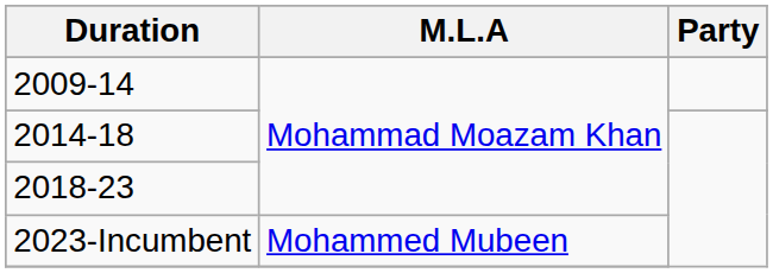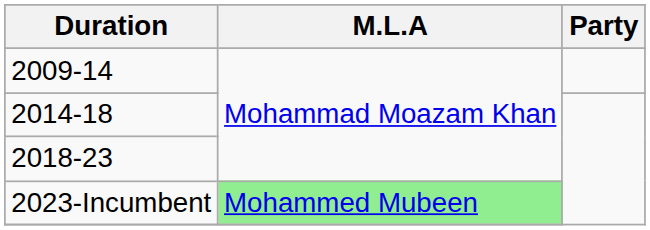 <table class="wikitable sortable">
 <tr>
 <th>Duration</th>
 <th>M.L.A</th>
 <th colspan=2>Party</th>
 </tr>
 <tr>
 <td>2009-14</td>
 <td rowspan=3><a href='#'>Mohammad Moazam Khan</a></td>
 <td></td>
 </tr>
 <tr>
 <td>2014-18</td>
 </tr>
 <tr>
 <td>2018-23</td>
 </tr>
 <tr>
 <td>2023-Incumbent</td>
-<td><a href='#'>Mohammed Mubeen</a></td>
+<td style="background: lightgreen;"><a href='#'>Mohammed Mubeen</a></td>
 </tr>
 <tr>
 </tr>
 </table>
